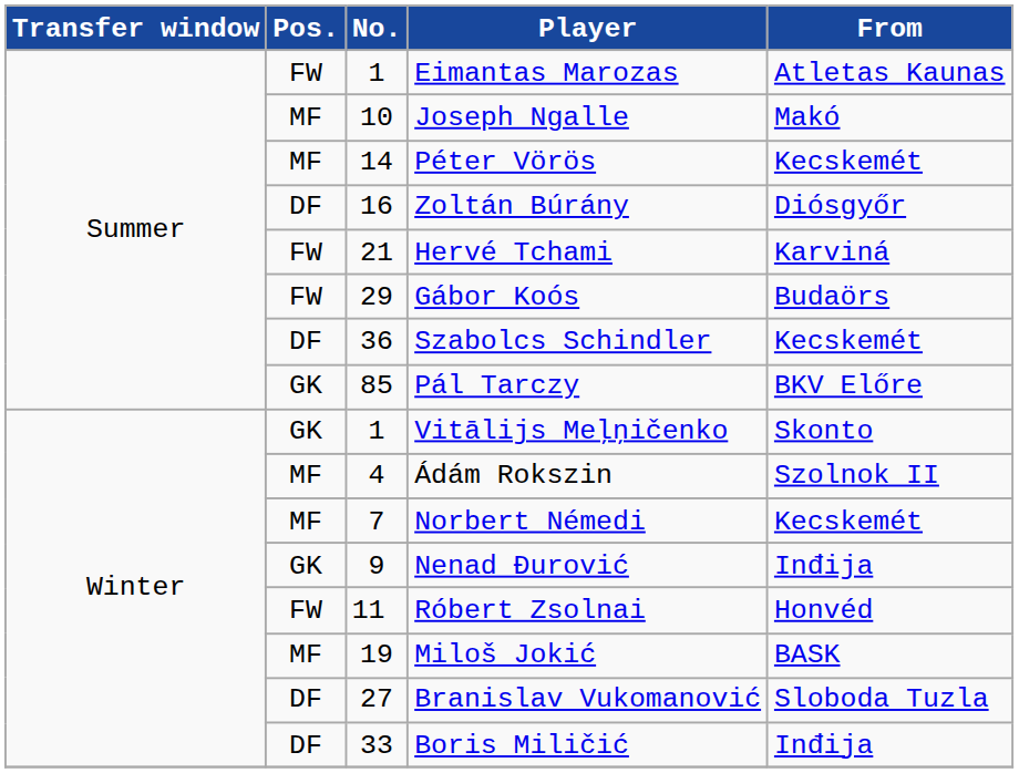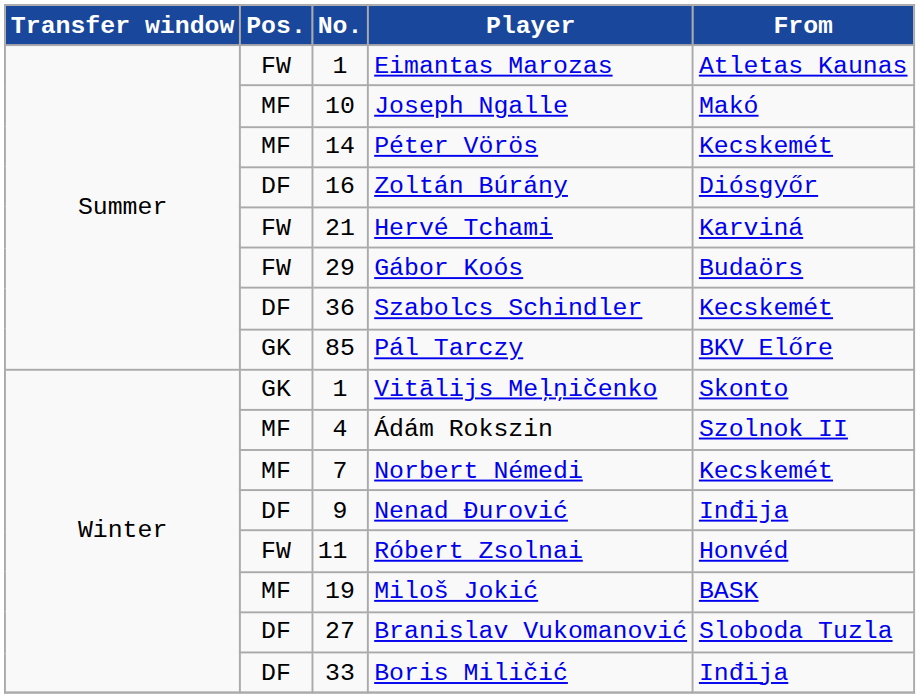 <table class="wikitable plainrowheaders sortable">
 <tr>
 <th style="background-color:#18479C;color:white">Transfer window</th>
 <th style="background-color:#18479C;color:white">Pos.</th>
 <th style="background-color:#18479C;color:white">No.</th>
 <th style="background-color:#18479C;color:white">Player</th>
 <th style="background-color:#18479C;color:white">From</th>
 </tr>
 <tr>
 <td rowspan="8" style="text-align:center;">Summer</td>
 <td style=text-align:center;>FW</td>
 <td style=text-align:center;>1</td>
 <td style=text-align:left;> <a href='#'>Eimantas Marozas</a></td>
 <td style=text-align:left;> <a href='#'>Atletas Kaunas</a></td>
 </tr>
 <tr>
 <td style=text-align:center;>MF</td>
 <td style=text-align:center;>10</td>
 <td style=text-align:left;> <a href='#'>Joseph Ngalle</a></td>
 <td style=text-align:left;><a href='#'>Makó</a></td>
 </tr>
 <tr>
 <td style=text-align:center;>MF</td>
 <td style=text-align:center;>14</td>
 <td style=text-align:left;> <a href='#'>Péter Vörös</a></td>
 <td style=text-align:left;><a href='#'>Kecskemét</a></td>
 </tr>
 <tr>
 <td style=text-align:center;>DF</td>
 <td style=text-align:center;>16</td>
 <td style=text-align:left;> <a href='#'>Zoltán Búrány</a></td>
 <td style=text-align:left;><a href='#'>Diósgyőr</a></td>
 </tr>
 <tr>
 <td style=text-align:center;>FW</td>
 <td style=text-align:center;>21</td>
 <td style=text-align:left;> <a href='#'>Hervé Tchami</a></td>
 <td style=text-align:left;> <a href='#'>Karviná</a></td>
 </tr>
 <tr>
 <td style=text-align:center;>FW</td>
 <td style=text-align:center;>29</td>
 <td style=text-align:left;> <a href='#'>Gábor Koós</a></td>
 <td style=text-align:left;><a href='#'>Budaörs</a></td>
 </tr>
 <tr>
 <td style=text-align:center;>DF</td>
 <td style=text-align:center;>36</td>
 <td style=text-align:left;> <a href='#'>Szabolcs Schindler</a></td>
 <td style=text-align:left;><a href='#'>Kecskemét</a></td>
 </tr>
 <tr>
 <td style=text-align:center;>GK</td>
 <td style=text-align:center;>85</td>
 <td style=text-align:left;> <a href='#'>Pál Tarczy</a></td>
 <td style=text-align:left;><a href='#'>BKV Előre</a></td>
 </tr>
 <tr>
 <td rowspan="8" style="text-align:center;">Winter</td>
 <td style=text-align:center;>GK</td>
 <td style=text-align:center;>1</td>
 <td style=text-align:left;> <a href='#'>Vitālijs Meļņičenko</a></td>
 <td style=text-align:left;> <a href='#'>Skonto</a></td>
 </tr>
 <tr>
 <td style=text-align:center;>MF</td>
 <td style=text-align:center;>4</td>
 <td style=text-align:left;> Ádám Rokszin</td>
 <td style=text-align:left;><a href='#'>Szolnok II</a></td>
 </tr>
 <tr>
 <td style=text-align:center;>MF</td>
 <td style=text-align:center;>7</td>
 <td style=text-align:left;> <a href='#'>Norbert Némedi</a></td>
 <td style=text-align:left;><a href='#'>Kecskemét</a></td>
 </tr>
 <tr>
-<td style=text-align:center;>GK</td>
+<td style=text-align:center;>DF</td>
 <td style=text-align:center;>9</td>
 <td style=text-align:left;> <a href='#'>Nenad Đurović</a></td>
 <td style=text-align:left;> <a href='#'>Inđija</a></td>
 </tr>
 <tr>
 <td style=text-align:center;>FW</td>
 <td style=text-alig:ncenter;>11</td>
 <td style=text-align:left;> <a href='#'>Róbert Zsolnai</a></td>
 <td style=text-align:left;><a href='#'>Honvéd</a></td>
 </tr>
 <tr>
 <td style=text-align:center;>MF</td>
 <td style=text-align:center;>19</td>
 <td style=text-align:left;> <a href='#'>Miloš Jokić</a></td>
 <td style=text-align:left;> <a href='#'>BASK</a></td>
 </tr>
 <tr>
 <td style=text-align:center;>DF</td>
 <td style=text-align:center;>27</td>
 <td style=text-align:left;> <a href='#'>Branislav Vukomanović</a></td>
 <td style=text-align:left;> <a href='#'>Sloboda Tuzla</a></td>
 </tr>
 <tr>
 <td style=text-align:center;>DF</td>
 <td style=text-align:center;>33</td>
 <td style=text-align:left;> <a href='#'>Boris Miličić</a></td>
 <td style=text-align:left;> <a href='#'>Inđija</a></td>
 </tr>
 <tr>
 </tr>
 </table>
